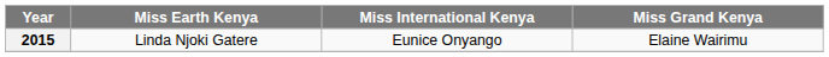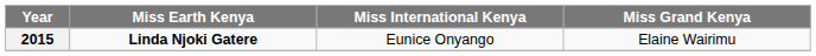 <table class="wikitable sortable" style="font-size: 95%; text-align:center">
 <tr>
 <th width="60" style="background-color:#787878;color:#FFFFFF;">Year</th>
 <th width="250" style="background-color:#787878;color:#FFFFFF;">Miss Earth Kenya</th>
 <th width="250" style="background-color:#787878;color:#FFFFFF;">Miss International Kenya</th>
 <th width="250" style="background-color:#787878;color:#FFFFFF;">Miss Grand Kenya</th>
 </tr>
 <tr>
 <th>2015</th>
-<td>Linda Njoki Gatere</td>
+<td><strong>Linda Njoki Gatere</strong></td>
 <td>Eunice Onyango</td>
 <td>Elaine Wairimu</td>
 </tr>
 <tr>
 </tr>
 </table>
